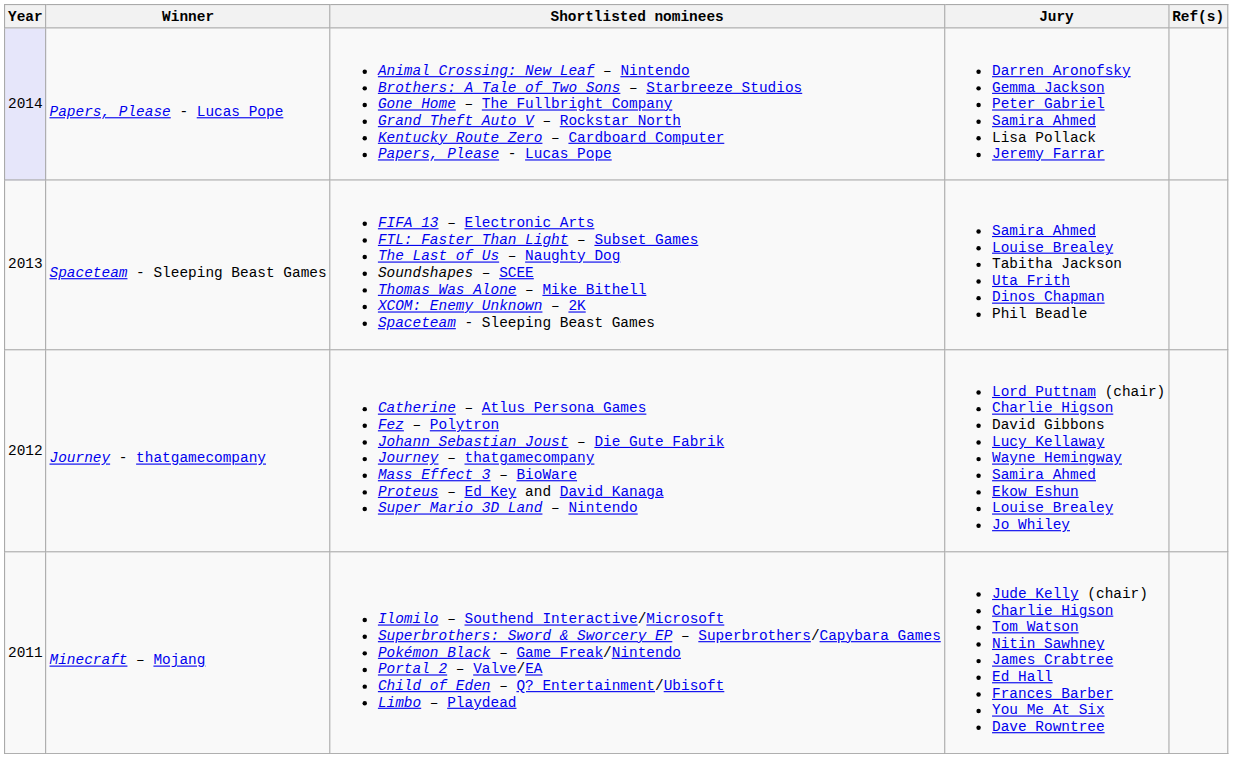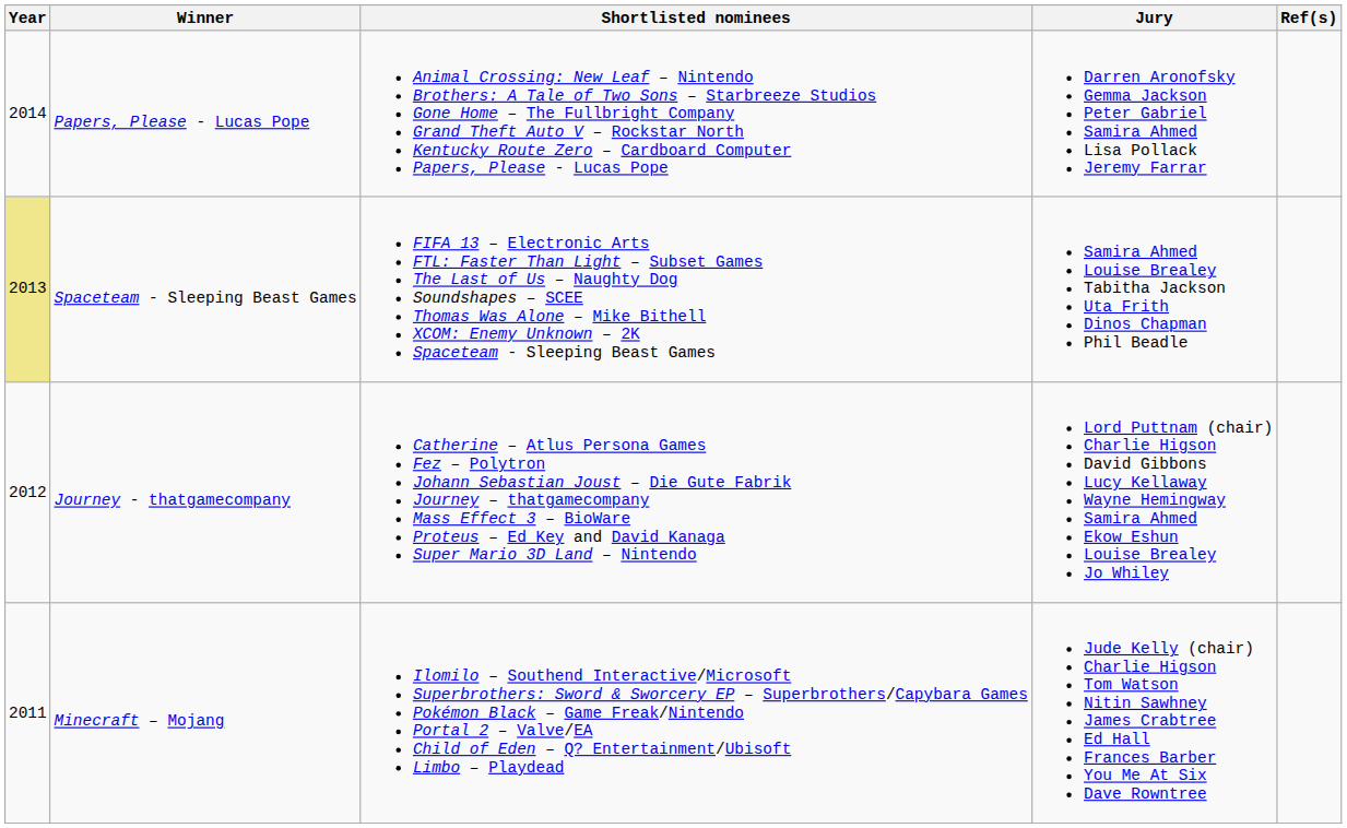 <table class="wikitable sortable">
 <tr>
 <th>Year</th>
 <th>Winner</th>
 <th class="unsortable">Shortlisted nominees</th>
 <th class="unsortable">Jury</th>
 <th class="unsortable">Ref(s)</th>
 </tr>
 <tr>
-<td align="center" style="background: lavender;">2014</td>
+<td align="center">2014</td>
 <td><br><em><a href='#'>Papers, Please</a></em> - <a href='#'>Lucas Pope</a></td>
 <td><br><ul><li><em><a href='#'>Animal Crossing: New Leaf</a></em> – <a href='#'>Nintendo</a></li><li><em><a href='#'>Brothers: A Tale of Two Sons</a></em> – <a href='#'>Starbreeze Studios</a></li><li><em><a href='#'>Gone Home</a></em> – <a href='#'>The Fullbright Company</a></li><li><em><a href='#'>Grand Theft Auto V</a></em> – <a href='#'>Rockstar North</a></li><li><em><a href='#'>Kentucky Route Zero</a></em> – <a href='#'>Cardboard Computer</a></li><li><em><a href='#'>Papers, Please</a></em> - <a href='#'>Lucas Pope</a></li></ul></td>
 <td><br><ul><li><a href='#'>Darren Aronofsky</a></li><li><a href='#'>Gemma Jackson</a></li><li><a href='#'>Peter Gabriel</a></li><li><a href='#'>Samira Ahmed</a></li><li>Lisa Pollack</li><li><a href='#'>Jeremy Farrar</a></li></ul></td>
 <td align="center"></td>
 </tr>
 <tr>
-<td align="center">2013</td>
+<td align="center" style="background: khaki;">2013</td>
 <td><br><em><a href='#'>Spaceteam</a></em> - Sleeping Beast Games</td>
 <td><br><ul><li><em><a href='#'>FIFA 13</a></em> – <a href='#'>Electronic Arts</a></li><li><em><a href='#'>FTL: Faster Than Light</a></em> – <a href='#'>Subset Games</a></li><li><em><a href='#'>The Last of Us</a></em> – <a href='#'>Naughty Dog</a></li><li><em>Soundshapes</em> – <a href='#'>SCEE</a></li><li><em><a href='#'>Thomas Was Alone</a></em> – <a href='#'>Mike Bithell</a></li><li><em><a href='#'>XCOM: Enemy Unknown</a></em> – <a href='#'>2K</a></li><li><em><a href='#'>Spaceteam</a></em> - Sleeping Beast Games</li></ul></td>
 <td><br><ul><li><a href='#'>Samira Ahmed</a></li><li><a href='#'>Louise Brealey</a></li><li>Tabitha Jackson</li><li><a href='#'>Uta Frith</a></li><li><a href='#'>Dinos Chapman</a></li><li>Phil Beadle</li></ul></td>
 <td align="center"></td>
 </tr>
 <tr>
 <td align="center">2012</td>
 <td><br><em><a href='#'>Journey</a></em> - <a href='#'>thatgamecompany</a></td>
 <td><br><ul><li><em><a href='#'>Catherine</a></em> – <a href='#'>Atlus Persona Games</a></li><li><em><a href='#'>Fez</a></em> – <a href='#'>Polytron</a></li><li><em><a href='#'>Johann Sebastian Joust</a></em> – <a href='#'>Die Gute Fabrik</a></li><li><em><a href='#'>Journey</a></em> – <a href='#'>thatgamecompany</a></li><li><em><a href='#'>Mass Effect 3</a></em> – <a href='#'>BioWare</a></li><li><em><a href='#'>Proteus</a></em> – <a href='#'>Ed Key</a> and <a href='#'>David Kanaga</a></li><li><em><a href='#'>Super Mario 3D Land</a></em> – <a href='#'>Nintendo</a></li></ul></td>
 <td><br><ul><li><a href='#'>Lord Puttnam</a> (chair)</li><li><a href='#'>Charlie Higson</a></li><li>David Gibbons</li><li><a href='#'>Lucy Kellaway</a></li><li><a href='#'>Wayne Hemingway</a></li><li><a href='#'>Samira Ahmed</a></li><li><a href='#'>Ekow Eshun</a></li><li><a href='#'>Louise Brealey</a></li><li><a href='#'>Jo Whiley</a></li></ul></td>
 <td align="center"></td>
 </tr>
 <tr>
 <td align="center">2011</td>
 <td><br><em><a href='#'>Minecraft</a></em> – <a href='#'>Mojang</a></td>
 <td><br><ul><li><em><a href='#'>Ilomilo</a></em> – <a href='#'>Southend Interactive</a>/<a href='#'>Microsoft</a></li><li><em><a href='#'>Superbrothers: Sword & Sworcery EP</a></em> – <a href='#'>Superbrothers</a>/<a href='#'>Capybara Games</a></li><li><em><a href='#'>Pokémon Black</a></em> – <a href='#'>Game Freak</a>/<a href='#'>Nintendo</a></li><li><em><a href='#'>Portal 2</a></em> – <a href='#'>Valve</a>/<a href='#'>EA</a></li><li><em><a href='#'>Child of Eden</a></em> – <a href='#'>Q? Entertainment</a>/<a href='#'>Ubisoft</a></li><li><em><a href='#'>Limbo</a></em> – <a href='#'>Playdead</a></li></ul></td>
 <td><br><ul><li><a href='#'>Jude Kelly</a> (chair)</li><li><a href='#'>Charlie Higson</a></li><li><a href='#'>Tom Watson</a></li><li><a href='#'>Nitin Sawhney</a></li><li><a href='#'>James Crabtree</a></li><li><a href='#'>Ed Hall</a></li><li><a href='#'>Frances Barber</a></li><li><a href='#'>You Me At Six</a></li><li><a href='#'>Dave Rowntree</a></li></ul></td>
 <td align="center"></td>
 </tr>
 <tr>
 </tr>
 </table>
